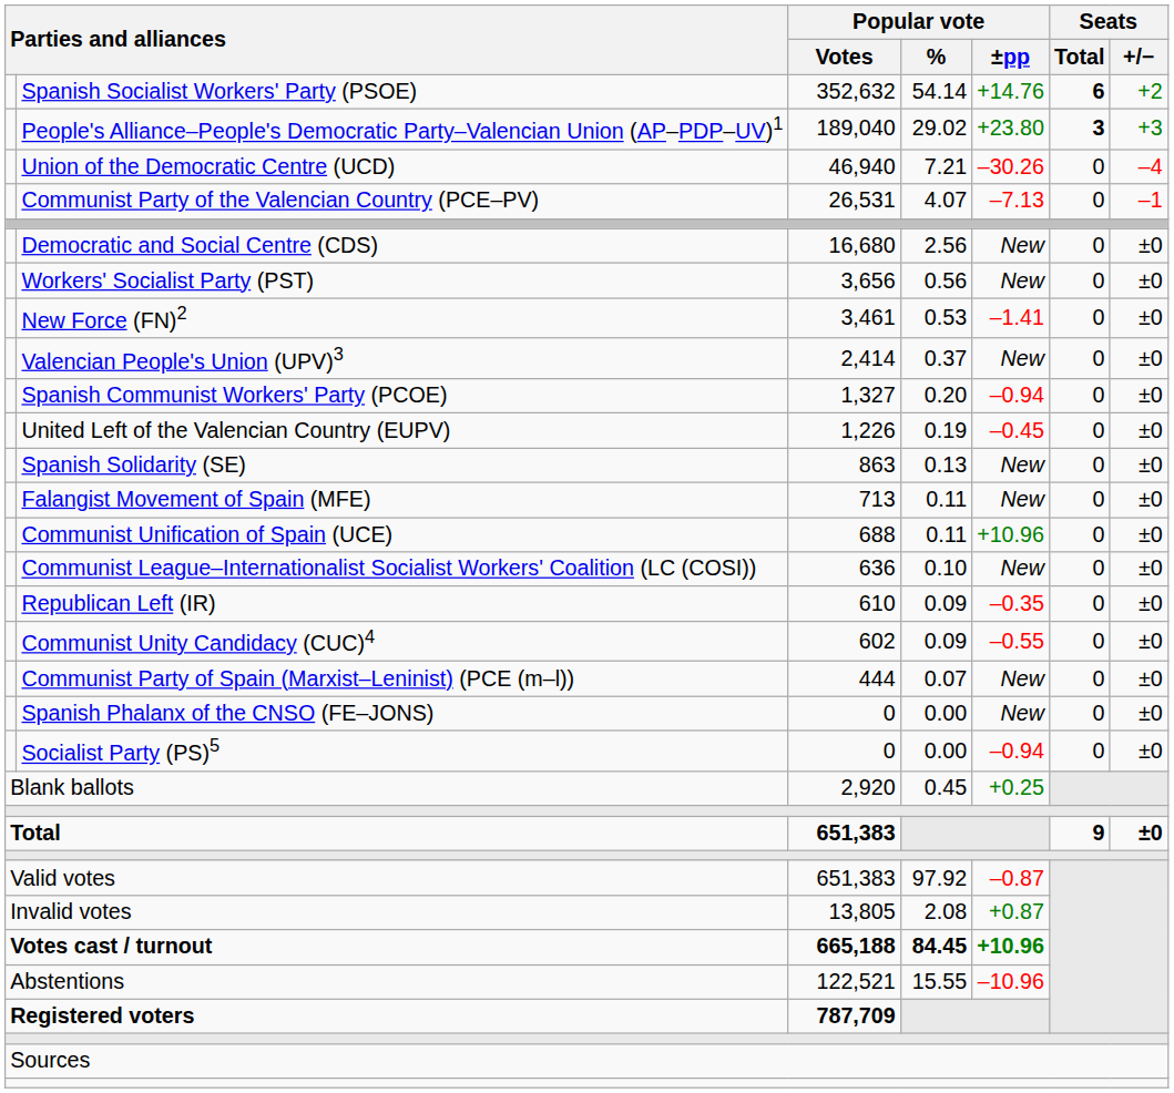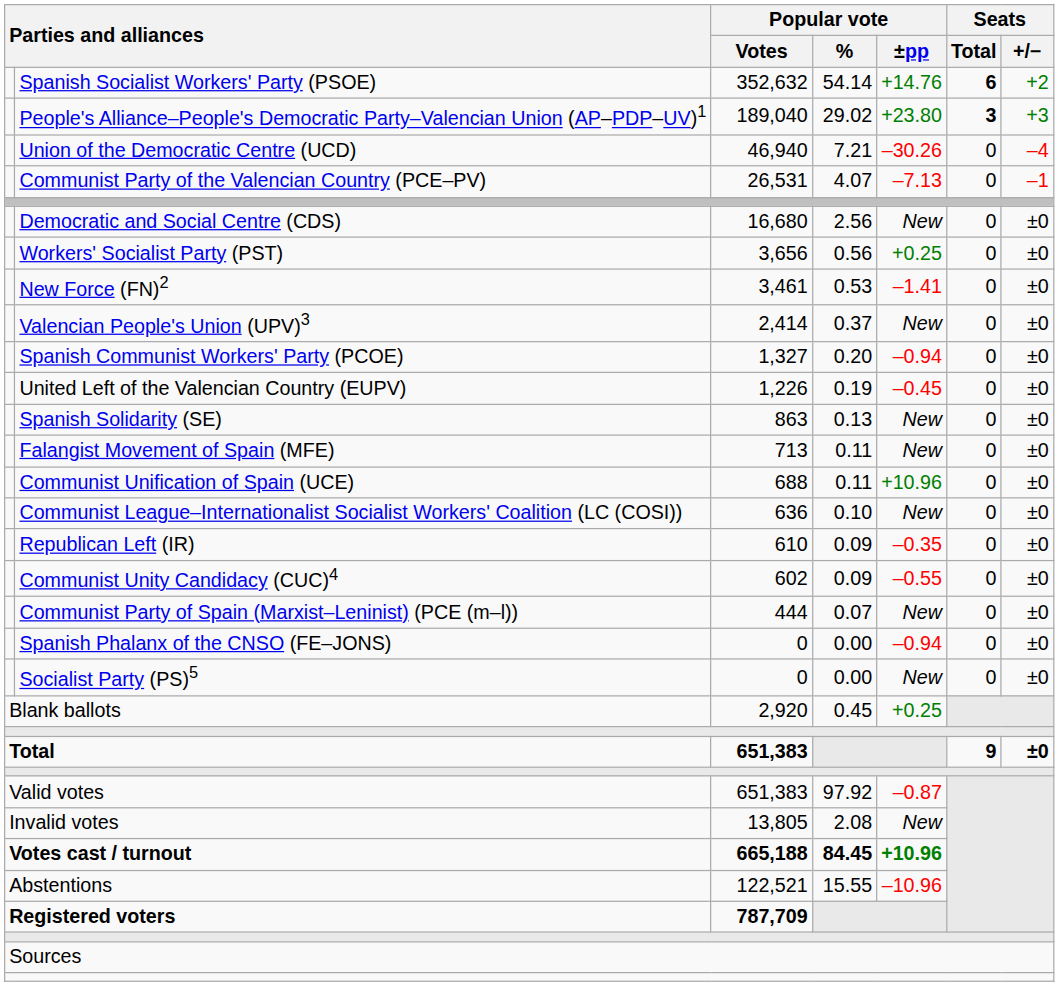 <table class="wikitable" style="text-align:right;">
 <tr>
 <th style="text-align:left;" rowspan="2" colspan="2" width="525">Parties and alliances</th>
 <th colspan="3">Popular vote</th>
 <th colspan="2">Seats</th>
 </tr>
 <tr>
 <th width="75">Votes</th>
 <th width="45">%</th>
 <th width="45">±<a href='#'>pp</a></th>
 <th width="35">Total</th>
 <th width="35">+/−</th>
 </tr>
 <tr>
 <td width="1" style="color:inherit;background:"></td>
 <td align="left"><a href='#'>Spanish Socialist Workers' Party</a> (PSOE)</td>
 <td>352,632</td>
 <td>54.14</td>
 <td style="color:green;">+14.76</td>
 <td><strong>6</strong></td>
 <td style="color:green;">+2</td>
 </tr>
 <tr>
 <td style="color:inherit;background:"></td>
 <td align="left"><a href='#'>People's Alliance–People's Democratic Party–Valencian Union</a> (<a href='#'>AP</a>–<a href='#'>PDP</a>–<a href='#'>UV</a>)<sup>1</sup></td>
 <td>189,040</td>
 <td>29.02</td>
 <td style="color:green;">+23.80</td>
 <td><strong>3</strong></td>
 <td style="color:green;">+3</td>
 </tr>
 <tr>
 <td style="color:inherit;background:"></td>
 <td align="left"><a href='#'>Union of the Democratic Centre</a> (UCD)</td>
 <td>46,940</td>
 <td>7.21</td>
 <td style="color:red;">–30.26</td>
 <td>0</td>
 <td style="color:red;">–4</td>
 </tr>
 <tr>
 <td style="color:inherit;background:"></td>
 <td align="left"><a href='#'>Communist Party of the Valencian Country</a> (PCE–PV)</td>
 <td>26,531</td>
 <td>4.07</td>
 <td style="color:red;">–7.13</td>
 <td>0</td>
 <td style="color:red;">–1</td>
 </tr>
 <tr>
 <td colspan="7" bgcolor="#C0C0C0"></td>
 </tr>
 <tr>
 <td style="color:inherit;background:"></td>
 <td align="left"><a href='#'>Democratic and Social Centre</a> (CDS)</td>
 <td>16,680</td>
 <td>2.56</td>
 <td><em>New</em></td>
 <td>0</td>
 <td>±0</td>
 </tr>
 <tr>
 <td style="color:inherit;background:"></td>
 <td align="left"><a href='#'>Workers' Socialist Party</a> (PST)</td>
 <td>3,656</td>
 <td>0.56</td>
-<td><em>New</em></td>
+<td style="color:green;">+0.25</td>
 <td>0</td>
 <td>±0</td>
 </tr>
 <tr>
 <td style="color:inherit;background:"></td>
 <td align="left"><a href='#'>New Force</a> (FN)<sup>2</sup></td>
 <td>3,461</td>
 <td>0.53</td>
 <td style="color:red;">–1.41</td>
 <td>0</td>
 <td>±0</td>
 </tr>
 <tr>
 <td style="color:inherit;background:"></td>
 <td align="left"><a href='#'>Valencian People's Union</a> (UPV)<sup>3</sup></td>
 <td>2,414</td>
 <td>0.37</td>
 <td><em>New</em></td>
 <td>0</td>
 <td>±0</td>
 </tr>
 <tr>
 <td style="color:inherit;background:"></td>
 <td align="left"><a href='#'>Spanish Communist Workers' Party</a> (PCOE)</td>
 <td>1,327</td>
 <td>0.20</td>
 <td style="color:red;">–0.94</td>
 <td>0</td>
 <td>±0</td>
 </tr>
 <tr>
 <td style="color:inherit;background:"></td>
 <td align="left">United Left of the Valencian Country (EUPV)</td>
 <td>1,226</td>
 <td>0.19</td>
 <td style="color:red;">–0.45</td>
 <td>0</td>
 <td>±0</td>
 </tr>
 <tr>
 <td style="color:inherit;background:"></td>
 <td align="left"><a href='#'>Spanish Solidarity</a> (SE)</td>
 <td>863</td>
 <td>0.13</td>
 <td><em>New</em></td>
 <td>0</td>
 <td>±0</td>
 </tr>
 <tr>
 <td style="color:inherit;background:"></td>
 <td align="left"><a href='#'>Falangist Movement of Spain</a> (MFE)</td>
 <td>713</td>
 <td>0.11</td>
 <td><em>New</em></td>
 <td>0</td>
 <td>±0</td>
 </tr>
 <tr>
 <td style="color:inherit;background:"></td>
 <td align="left"><a href='#'>Communist Unification of Spain</a> (UCE)</td>
 <td>688</td>
 <td>0.11</td>
 <td style="color:green;">+10.96</td>
 <td>0</td>
 <td>±0</td>
 </tr>
 <tr>
 <td style="color:inherit;background:"></td>
 <td align="left"><a href='#'>Communist League–Internationalist Socialist Workers' Coalition</a> (LC (COSI))</td>
 <td>636</td>
 <td>0.10</td>
 <td><em>New</em></td>
 <td>0</td>
 <td>±0</td>
 </tr>
 <tr>
 <td style="color:inherit;background:"></td>
 <td align="left"><a href='#'>Republican Left</a> (IR)</td>
 <td>610</td>
 <td>0.09</td>
 <td style="color:red;">–0.35</td>
 <td>0</td>
 <td>±0</td>
 </tr>
 <tr>
 <td style="color:inherit;background:"></td>
 <td align="left"><a href='#'>Communist Unity Candidacy</a> (CUC)<sup>4</sup></td>
 <td>602</td>
 <td>0.09</td>
 <td style="color:red;">–0.55</td>
 <td>0</td>
 <td>±0</td>
 </tr>
 <tr>
 <td style="color:inherit;background:"></td>
 <td align="left"><a href='#'>Communist Party of Spain (Marxist–Leninist)</a> (PCE (m–l))</td>
 <td>444</td>
 <td>0.07</td>
 <td><em>New</em></td>
 <td>0</td>
 <td>±0</td>
 </tr>
 <tr>
 <td style="color:inherit;background:"></td>
 <td align="left"><a href='#'>Spanish Phalanx of the CNSO</a> (FE–JONS)</td>
 <td>0</td>
 <td>0.00</td>
-<td><em>New</em></td>
+<td style="color:red;">–0.94</td>
 <td>0</td>
 <td>±0</td>
 </tr>
 <tr>
 <td style="color:inherit;background:"></td>
 <td align="left"><a href='#'>Socialist Party</a> (PS)<sup>5</sup></td>
 <td>0</td>
 <td>0.00</td>
-<td style="color:red;">–0.94</td>
+<td><em>New</em></td>
 <td>0</td>
 <td>±0</td>
 </tr>
 <tr>
 <td align="left" colspan="2">Blank ballots</td>
 <td>2,920</td>
 <td>0.45</td>
 <td style="color:green;">+0.25</td>
 <td bgcolor="#E9E9E9" colspan="2"></td>
 </tr>
 <tr>
 <td colspan="7" bgcolor="#E9E9E9"></td>
 </tr>
 <tr style="font-weight:bold;">
 <td align="left" colspan="2">Total</td>
 <td>651,383</td>
 <td bgcolor="#E9E9E9" colspan="2"></td>
 <td>9</td>
 <td>±0</td>
 </tr>
 <tr>
 <td colspan="7" bgcolor="#E9E9E9"></td>
 </tr>
 <tr>
 <td align="left" colspan="2">Valid votes</td>
 <td>651,383</td>
 <td>97.92</td>
 <td style="color:red;">–0.87</td>
 <td bgcolor="#E9E9E9" colspan="2" rowspan="5"></td>
 </tr>
 <tr>
 <td align="left" colspan="2">Invalid votes</td>
 <td>13,805</td>
 <td>2.08</td>
-<td style="color:green;">+0.87</td>
+<td><em>New</em></td>
 </tr>
 <tr style="font-weight:bold;">
 <td align="left" colspan="2">Votes cast / turnout</td>
 <td>665,188</td>
 <td>84.45</td>
 <td style="color:green;">+10.96</td>
 </tr>
 <tr>
 <td align="left" colspan="2">Abstentions</td>
 <td>122,521</td>
 <td>15.55</td>
 <td style="color:red;">–10.96</td>
 </tr>
 <tr style="font-weight:bold;">
 <td align="left" colspan="2">Registered voters</td>
 <td>787,709</td>
 <td bgcolor="#E9E9E9" colspan="2"></td>
 </tr>
 <tr>
 <td colspan="7" bgcolor="#E9E9E9"></td>
 </tr>
 <tr>
 <td align="left" colspan="7">Sources</td>
 </tr>
 <tr>
 <td colspan="7" style="text-align:left; max-width:790px;"></td>
 </tr>
 </table>
